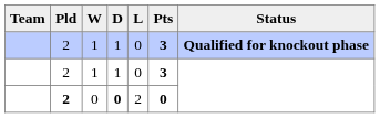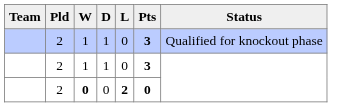 <table style=border-collapse:collapse border=1 cellspacing=0 cellpadding=5>
 <tr align=center bgcolor=#efefef>
 <th>Team</th>
 <th>Pld</th>
 <th>W</th>
 <th>D</th>
 <th>L</th>
 <th>Pts</th>
 <th>Status</th>
 </tr>
 <tr align=center style="background:#bbccff;">
 <td style="text-align:left;"> </td>
 <td>2</td>
 <td>1</td>
 <td>1</td>
 <td>0</td>
 <td><strong>3</strong></td>
-<td rowspan=1><strong>Qualified for knockout phase</strong></td>
+<td rowspan=1>Qualified for knockout phase</td>
 </tr>
 <tr align=center style="background:#FFFFFF;">
 <td style="text-align:left;"> </td>
 <td>2</td>
 <td>1</td>
 <td>1</td>
 <td>0</td>
 <td><strong>3</strong></td>
 <td rowspan=2></td>
 </tr>
 <tr align=center style="background:#FFFFFF;">
 <td style="text-align:left;"> </td>
+<td>2</td>
+<td><strong>0</strong></td>
+<td>0</td>
 <td><strong>2</strong></td>
-<td>0</td>
-<td><strong>0</strong></td>
-<td>2</td>
 <td><strong>0</strong></td>
 </tr>
 </table>
